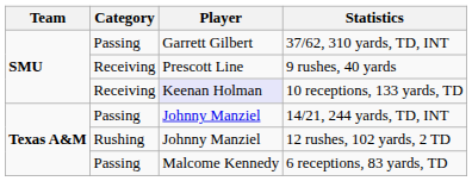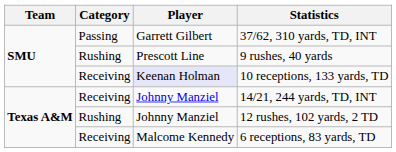 <table class="wikitable" style="float: left;">
 <tr>
 <th>Team</th>
 <th>Category</th>
 <th>Player</th>
 <th>Statistics</th>
 </tr>
 <tr>
 <td rowspan=3><strong>SMU</strong></td>
 <td>Passing</td>
 <td>Garrett Gilbert</td>
 <td>37/62, 310 yards, TD, INT</td>
 </tr>
 <tr>
-<td>Receiving</td>
+<td>Rushing</td>
 <td>Prescott Line</td>
 <td>9 rushes, 40 yards</td>
 </tr>
 <tr>
 <td>Receiving</td>
 <td style="background: lavender;">Keenan Holman</td>
 <td>10 receptions, 133 yards, TD</td>
 </tr>
 <tr>
 <td rowspan=3><strong>Texas A&M</strong></td>
-<td>Passing</td>
+<td>Receiving</td>
 <td><a href='#'>Johnny Manziel</a></td>
 <td>14/21, 244 yards, TD, INT</td>
 </tr>
 <tr>
 <td>Rushing</td>
 <td>Johnny Manziel</td>
 <td>12 rushes, 102 yards, 2 TD</td>
 </tr>
 <tr>
-<td>Passing</td>
+<td>Receiving</td>
 <td>Malcome Kennedy</td>
 <td>6 receptions, 83 yards, TD</td>
 </tr>
 </table>
